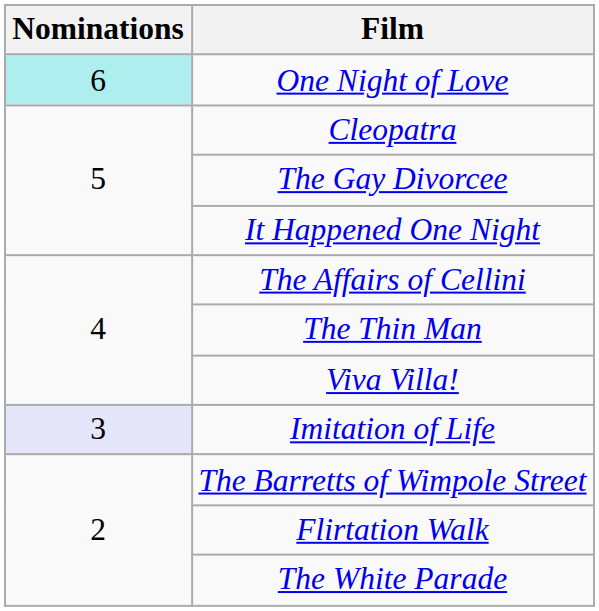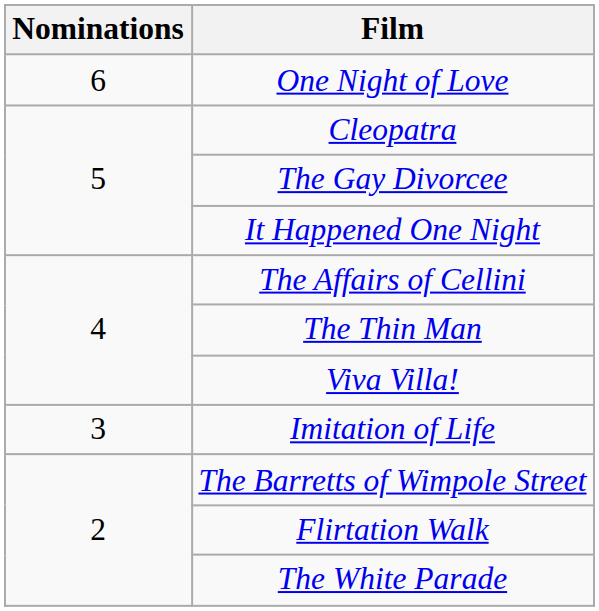 <table class="wikitable plainrowheaders" style="text-align: center; margin-right:1em;">
 <tr>
 <th scope="col" style="width:55px;">Nominations</th>
 <th scope="col" style="text-align:center;">Film</th>
 </tr>
 <tr>
-<td style="background: paleturquoise;">6</td>
+<td>6</td>
 <td><em><a href='#'>One Night of Love</a></em></td>
 </tr>
 <tr>
 <td scope="row" rowspan="3" style="text-align:center">5</td>
 <td><em><a href='#'>Cleopatra</a></em></td>
 </tr>
 <tr>
 <td><em><a href='#'>The Gay Divorcee</a></em></td>
 </tr>
 <tr>
 <td><em><a href='#'>It Happened One Night</a></em></td>
 </tr>
 <tr>
 <td scope="row" rowspan="3" style="text-align:center">4</td>
 <td><em><a href='#'>The Affairs of Cellini</a></em></td>
 </tr>
 <tr>
 <td><em><a href='#'>The Thin Man</a></em></td>
 </tr>
 <tr>
 <td><em><a href='#'>Viva Villa!</a></em></td>
 </tr>
 <tr>
-<td style="background: lavender;">3</td>
+<td>3</td>
 <td><em><a href='#'>Imitation of Life</a></em></td>
 </tr>
 <tr>
 <td scope="row" rowspan="3" style="text-align:center">2</td>
 <td><em><a href='#'>The Barretts of Wimpole Street</a></em></td>
 </tr>
 <tr>
 <td><em><a href='#'>Flirtation Walk</a></em></td>
 </tr>
 <tr>
 <td><em><a href='#'>The White Parade</a></em></td>
 </tr>
 </table>
